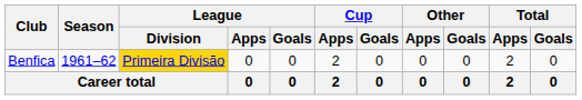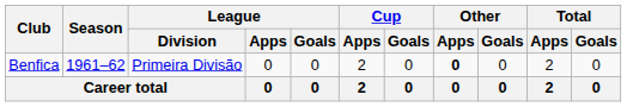 <table class="wikitable" style="text-align: center">
 <tr>
 <th rowspan="2">Club</th>
 <th rowspan="2">Season</th>
 <th colspan="3">League</th>
 <th colspan="2"><a href='#'>Cup</a></th>
 <th colspan="2">Other</th>
 <th colspan="2">Total</th>
 </tr>
 <tr>
 <th>Division</th>
 <th>Apps</th>
 <th>Goals</th>
 <th>Apps</th>
 <th>Goals</th>
 <th>Apps</th>
 <th>Goals</th>
 <th>Apps</th>
 <th>Goals</th>
 </tr>
 <tr>
 <td><a href='#'>Benfica</a></td>
 <td><a href='#'>1961–62</a></td>
-<td style="background: gold;"><a href='#'>Primeira Divisão</a></td>
+<td><a href='#'>Primeira Divisão</a></td>
 <td>0</td>
 <td>0</td>
 <td>2</td>
 <td>0</td>
-<td>0</td>
+<td><strong>0</strong></td>
 <td>0</td>
 <td>2</td>
 <td>0</td>
 </tr>
 <tr>
 <th colspan="3"><strong>Career total</strong></th>
 <th>0</th>
 <th>0</th>
 <th>2</th>
 <th>0</th>
 <th>0</th>
 <th>0</th>
 <th>2</th>
 <th>0</th>
 </tr>
 </table>
